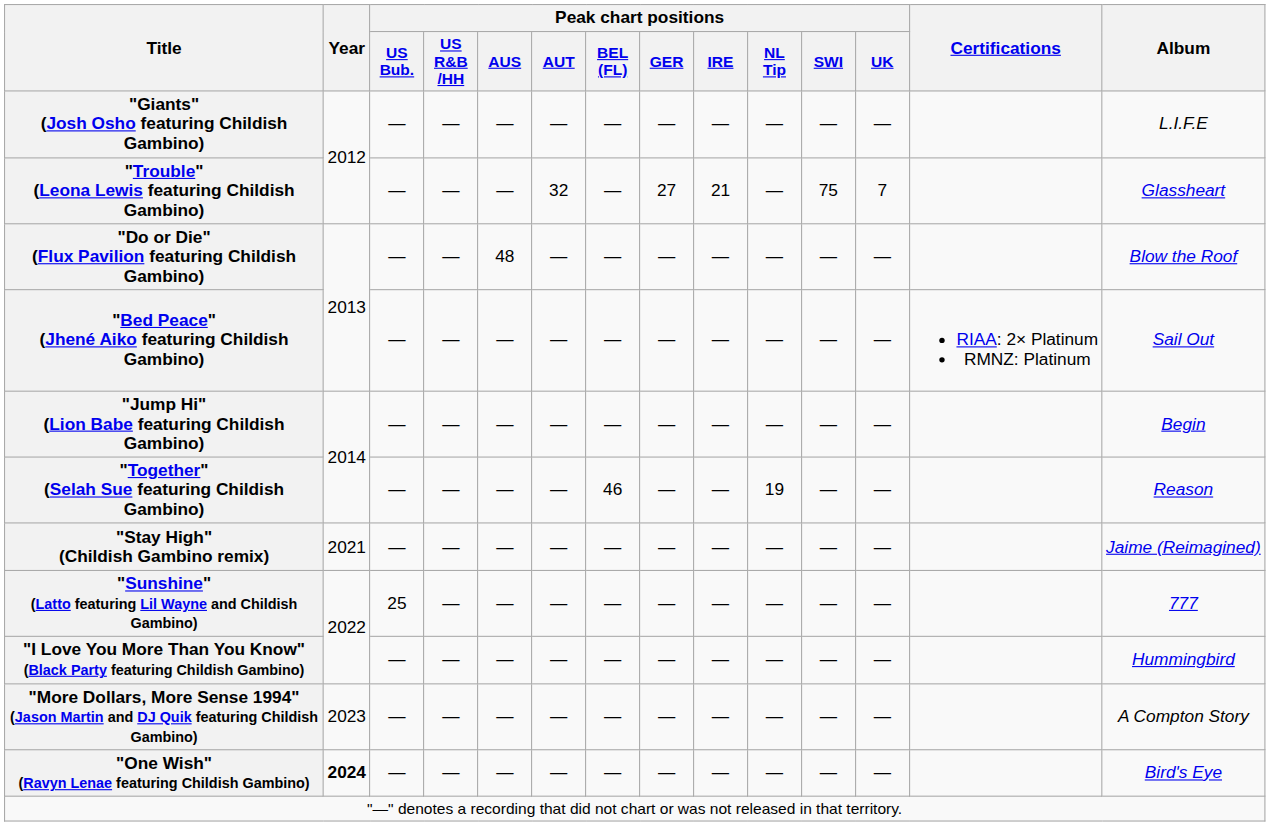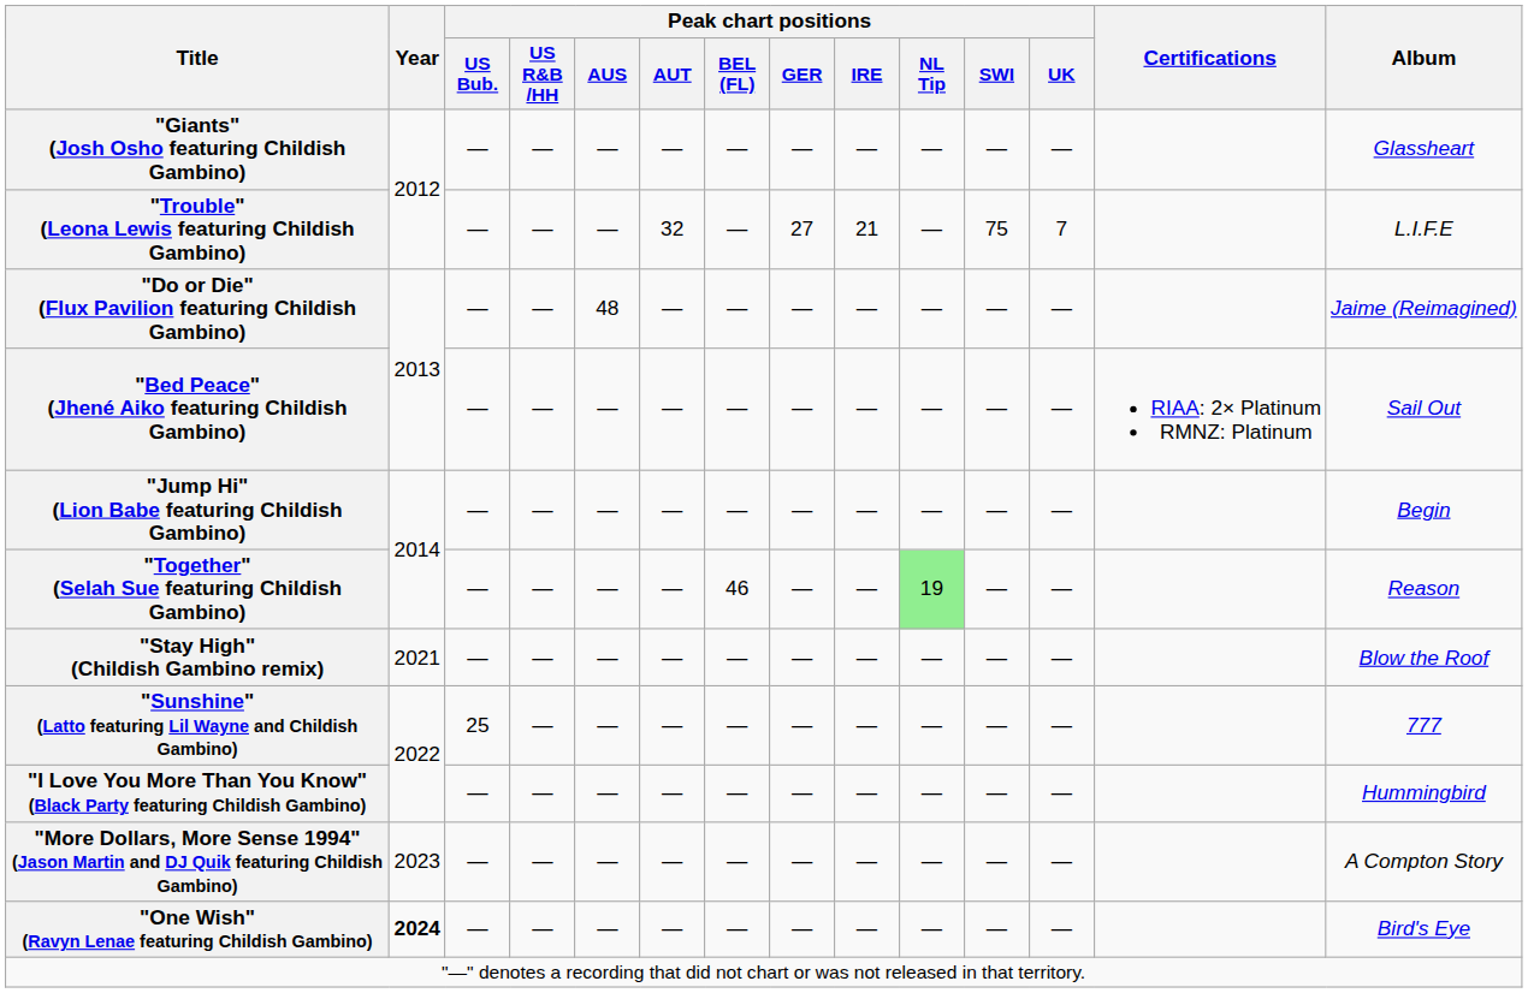 <table class="wikitable plainrowheaders" style="text-align:center;">
 <tr>
 <th scope="col" rowspan="2" style="width:18em;">Title</th>
 <th scope="col" rowspan="2">Year</th>
 <th scope="col" colspan="10">Peak chart positions</th>
 <th scope="col" rowspan="2"><a href='#'>Certifications</a></th>
 <th scope="col" rowspan="2">Album</th>
 </tr>
 <tr>
 <th scope="col" style="width:3em;font-size:90%;"><a href='#'>US<br>Bub.</a><br></th>
 <th scope="col" style="width:3em;font-size:90%;"><a href='#'>US<br>R&B<br>/HH</a><br></th>
 <th scope="col" style="width:3em;font-size:90%;"><a href='#'>AUS</a><br></th>
 <th scope="col" style="width:3em;font-size:90%;"><a href='#'>AUT</a><br></th>
 <th scope="col" style="width:3em;font-size:90%;"><a href='#'>BEL<br>(FL)</a><br></th>
 <th scope="col" style="width:3em;font-size:90%;"><a href='#'>GER</a><br></th>
 <th scope="col" style="width:3em;font-size:90%;"><a href='#'>IRE</a><br></th>
 <th scope="col" style="width:3em;font-size:90%;"><a href='#'>NL<br>Tip</a><br></th>
 <th scope="col" style="width:3em;font-size:90%;"><a href='#'>SWI</a><br></th>
 <th scope="col" style="width:3em;font-size:90%;"><a href='#'>UK</a><br></th>
 </tr>
 <tr>
 <th scope="row">"Giants"<br><span>(<a href='#'>Josh Osho</a> featuring Childish Gambino)</span></th>
 <td rowspan="2">2012</td>
 <td>—</td>
 <td>—</td>
 <td>—</td>
 <td>—</td>
 <td>—</td>
 <td>—</td>
 <td>—</td>
 <td>—</td>
 <td>—</td>
 <td>—</td>
 <td></td>
-<td><em>L.I.F.E</em></td>
+<td><em><a href='#'>Glassheart</a></em></td>
 </tr>
 <tr>
 <th scope="row">"<a href='#'>Trouble</a>"<br><span>(<a href='#'>Leona Lewis</a> featuring Childish Gambino)</span></th>
 <td>—</td>
 <td>—</td>
 <td>—</td>
 <td>32</td>
 <td>—</td>
 <td>27</td>
 <td>21</td>
 <td>—</td>
 <td>75</td>
 <td>7</td>
 <td></td>
-<td><em><a href='#'>Glassheart</a></em></td>
+<td><em>L.I.F.E</em></td>
 </tr>
 <tr>
 <th scope="row">"Do or Die"<br><span>(<a href='#'>Flux Pavilion</a> featuring Childish Gambino)</span></th>
 <td rowspan="2">2013</td>
 <td>—</td>
 <td>—</td>
 <td>48</td>
 <td>—</td>
 <td>—</td>
 <td>—</td>
 <td>—</td>
 <td>—</td>
 <td>—</td>
 <td>—</td>
 <td></td>
-<td><em><a href='#'>Blow the Roof</a></em></td>
+<td><em><a href='#'>Jaime (Reimagined)</a></em></td>
 </tr>
 <tr>
 <th scope="row">"<a href='#'>Bed Peace</a>"<br><span>(<a href='#'>Jhené Aiko</a> featuring Childish Gambino)</span></th>
 <td>—</td>
 <td>—</td>
 <td>—</td>
 <td>—</td>
 <td>—</td>
 <td>—</td>
 <td>—</td>
 <td>—</td>
 <td>—</td>
 <td>—</td>
 <td><br><ul><li><a href='#'>RIAA</a>: 2× Platinum</li><li>RMNZ: Platinum</li></ul></td>
 <td><em><a href='#'>Sail Out</a></em></td>
 </tr>
 <tr>
 <th scope="row">"Jump Hi"<br><span>(<a href='#'>Lion Babe</a> featuring Childish Gambino)</span></th>
 <td rowspan="2">2014</td>
 <td>—</td>
 <td>—</td>
 <td>—</td>
 <td>—</td>
 <td>—</td>
 <td>—</td>
 <td>—</td>
 <td>—</td>
 <td>—</td>
 <td>—</td>
 <td></td>
 <td><em><a href='#'>Begin</a></em></td>
 </tr>
 <tr>
 <th scope="row">"<a href='#'>Together</a>"<br><span>(<a href='#'>Selah Sue</a> featuring Childish Gambino)</span></th>
 <td>—</td>
 <td>—</td>
 <td>—</td>
 <td>—</td>
 <td>46</td>
 <td>—</td>
 <td>—</td>
-<td>19</td>
+<td style="background: lightgreen;">19</td>
 <td>—</td>
 <td>—</td>
 <td></td>
 <td><em><a href='#'>Reason</a></em></td>
 </tr>
 <tr>
 <th scope="row">"Stay High"<br><span>(Childish Gambino remix)</span></th>
 <td>2021</td>
 <td>—</td>
 <td>—</td>
 <td>—</td>
 <td>—</td>
 <td>—</td>
 <td>—</td>
 <td>—</td>
 <td>—</td>
 <td>—</td>
 <td>—</td>
 <td></td>
-<td><em><a href='#'>Jaime (Reimagined)</a></em></td>
+<td><em><a href='#'>Blow the Roof</a></em></td>
 </tr>
 <tr>
 <th scope="row">"<a href='#'>Sunshine</a>"<br><small>(<a href='#'>Latto</a> featuring <a href='#'>Lil Wayne</a> and Childish Gambino)</small></th>
 <td rowspan="2">2022</td>
 <td>25</td>
 <td>—</td>
 <td>—</td>
 <td>—</td>
 <td>—</td>
 <td>—</td>
 <td>—</td>
 <td>—</td>
 <td>—</td>
 <td>—</td>
 <td></td>
 <td><em><a href='#'>777</a></em></td>
 </tr>
 <tr>
 <th scope="row">"I Love You More Than You Know"<br><small>(<a href='#'>Black Party</a> featuring Childish Gambino)</small></th>
 <td>—</td>
 <td>—</td>
 <td>—</td>
 <td>—</td>
 <td>—</td>
 <td>—</td>
 <td>—</td>
 <td>—</td>
 <td>—</td>
 <td>—</td>
 <td></td>
 <td><em><a href='#'>Hummingbird</a></em></td>
 </tr>
 <tr>
 <th scope="row">"More Dollars, More Sense 1994"<br><small>(<a href='#'>Jason Martin</a> and <a href='#'>DJ Quik</a> featuring Childish Gambino)</small></th>
 <td>2023</td>
 <td>—</td>
 <td>—</td>
 <td>—</td>
 <td>—</td>
 <td>—</td>
 <td>—</td>
 <td>—</td>
 <td>—</td>
 <td>—</td>
 <td>—</td>
 <td></td>
 <td><em>A Compton Story</em></td>
 </tr>
 <tr>
 <th scope="row">"One Wish"<br><small>(<a href='#'>Ravyn Lenae</a> featuring Childish Gambino)</small></th>
 <td><strong>2024</strong></td>
 <td>—</td>
 <td>—</td>
 <td>—</td>
 <td>—</td>
 <td>—</td>
 <td>—</td>
 <td>—</td>
 <td>—</td>
 <td>—</td>
 <td>—</td>
 <td></td>
 <td><em><a href='#'>Bird's Eye</a></em></td>
 </tr>
 <tr>
 <td colspan="14" style="font-size:90%">"—" denotes a recording that did not chart or was not released in that territory.</td>
 </tr>
 </table>
